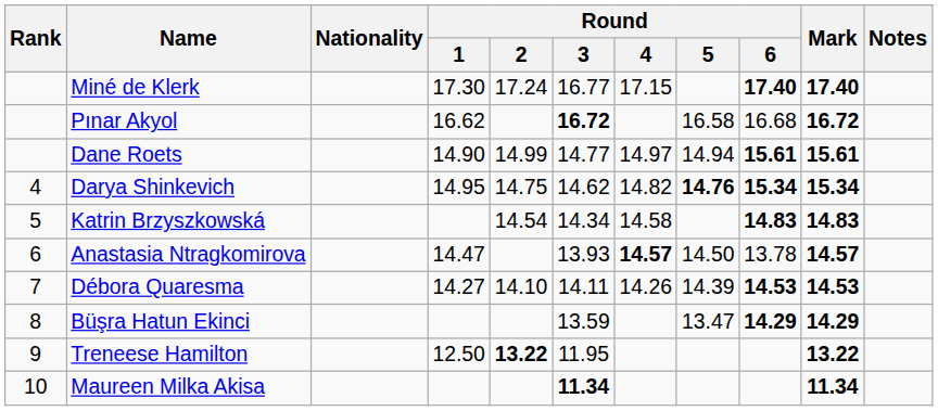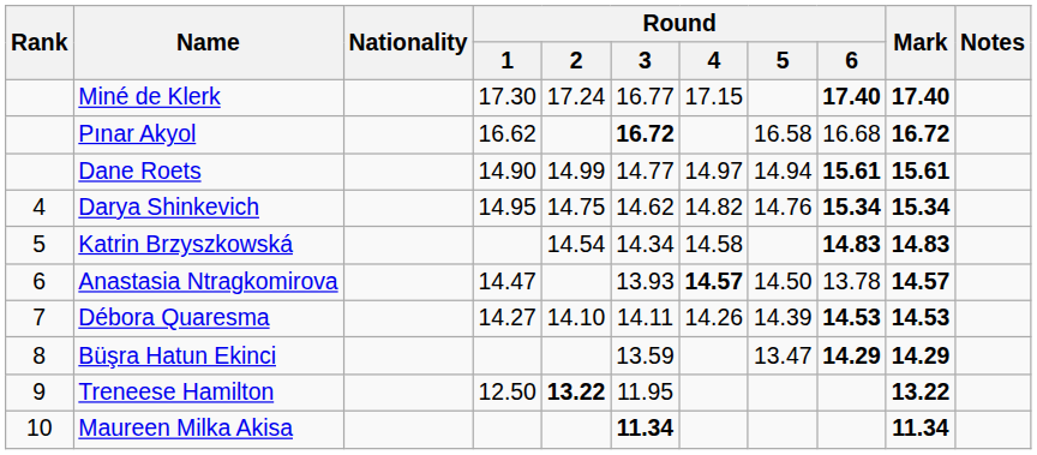 <table class="wikitable sortable" style="text-align:center">
 <tr>
 <th rowspan=2>Rank</th>
 <th rowspan=2>Name</th>
 <th rowspan=2>Nationality</th>
 <th colspan=6>Round</th>
 <th rowspan=2>Mark</th>
 <th rowspan=2>Notes</th>
 </tr>
 <tr>
 <th>1</th>
 <th>2</th>
 <th>3</th>
 <th>4</th>
 <th>5</th>
 <th>6</th>
 </tr>
 <tr>
 <td></td>
 <td align=left><a href='#'>Miné de Klerk</a></td>
 <td align=left></td>
 <td>17.30</td>
 <td>17.24</td>
 <td>16.77</td>
 <td>17.15</td>
 <td></td>
 <td><strong>17.40</strong></td>
 <td><strong>17.40</strong></td>
 <td></td>
 </tr>
 <tr>
 <td></td>
 <td align=left><a href='#'>Pınar Akyol</a></td>
 <td align=left></td>
 <td>16.62</td>
 <td></td>
 <td><strong>16.72</strong></td>
 <td></td>
 <td>16.58</td>
 <td>16.68</td>
 <td><strong>16.72</strong></td>
 <td></td>
 </tr>
 <tr>
 <td></td>
 <td align=left><a href='#'>Dane Roets</a></td>
 <td align=left></td>
 <td>14.90</td>
 <td>14.99</td>
 <td>14.77</td>
 <td>14.97</td>
 <td>14.94</td>
 <td><strong>15.61</strong></td>
 <td><strong>15.61</strong></td>
 <td></td>
 </tr>
 <tr>
 <td>4</td>
 <td align=left><a href='#'>Darya Shinkevich</a></td>
 <td align=left></td>
 <td>14.95</td>
 <td>14.75</td>
 <td>14.62</td>
 <td>14.82</td>
-<td><strong>14.76</strong></td>
+<td>14.76</td>
 <td><strong>15.34</strong></td>
 <td><strong>15.34</strong></td>
 <td></td>
 </tr>
 <tr>
 <td>5</td>
 <td align=left><a href='#'>Katrin Brzyszkowská</a></td>
 <td align=left></td>
 <td></td>
 <td>14.54</td>
 <td>14.34</td>
 <td>14.58</td>
 <td></td>
 <td><strong>14.83</strong></td>
 <td><strong>14.83</strong></td>
 <td></td>
 </tr>
 <tr>
 <td>6</td>
 <td align=left><a href='#'>Anastasia Ntragkomirova</a></td>
 <td align=left></td>
 <td>14.47</td>
 <td></td>
 <td>13.93</td>
 <td><strong>14.57</strong></td>
 <td>14.50</td>
 <td>13.78</td>
 <td><strong>14.57</strong></td>
 <td></td>
 </tr>
 <tr>
 <td>7</td>
 <td align=left><a href='#'>Débora Quaresma</a></td>
 <td align=left></td>
 <td>14.27</td>
 <td>14.10</td>
 <td>14.11</td>
 <td>14.26</td>
 <td>14.39</td>
 <td><strong>14.53</strong></td>
 <td><strong>14.53</strong></td>
 <td></td>
 </tr>
 <tr>
 <td>8</td>
 <td align=left><a href='#'>Büşra Hatun Ekinci</a></td>
 <td align=left></td>
 <td></td>
 <td></td>
 <td>13.59</td>
 <td></td>
 <td>13.47</td>
 <td><strong>14.29</strong></td>
 <td><strong>14.29</strong></td>
 <td></td>
 </tr>
 <tr>
 <td>9</td>
 <td align=left><a href='#'>Treneese Hamilton</a></td>
 <td align=left></td>
 <td>12.50</td>
 <td><strong>13.22</strong></td>
 <td>11.95</td>
 <td></td>
 <td></td>
 <td></td>
 <td><strong>13.22</strong></td>
 <td></td>
 </tr>
 <tr>
 <td>10</td>
 <td align=left><a href='#'>Maureen Milka Akisa</a></td>
 <td align=left></td>
 <td></td>
 <td></td>
 <td><strong>11.34</strong></td>
 <td></td>
 <td></td>
 <td></td>
 <td><strong>11.34</strong></td>
 <td></td>
 </tr>
 </table>
